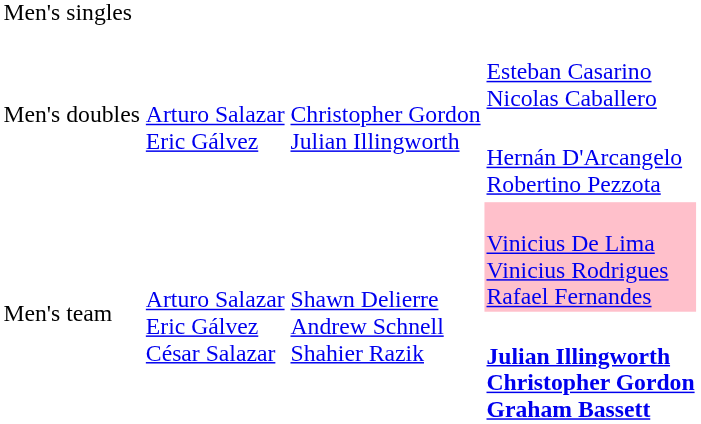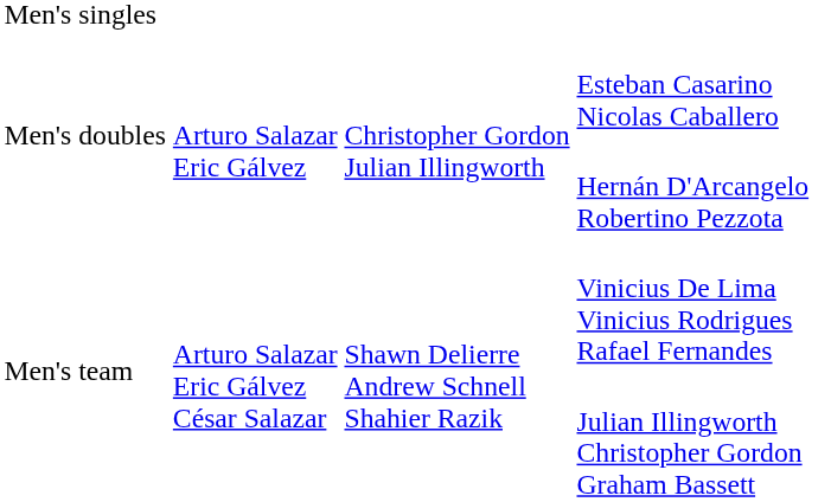 <table>
 <tr>
 <td rowspan=2>Men's singles<br></td>
 <td rowspan=2></td>
 <td rowspan=2></td>
 <td></td>
 </tr>
 <tr>
 <td></td>
 </tr>
 <tr>
 <td rowspan=2>Men's doubles<br></td>
 <td rowspan=2><br><a href='#'>Arturo Salazar</a><br><a href='#'>Eric Gálvez</a></td>
 <td rowspan=2><br><a href='#'>Christopher Gordon</a><br><a href='#'>Julian Illingworth</a></td>
 <td><br><a href='#'>Esteban Casarino</a><br><a href='#'>Nicolas Caballero</a></td>
 </tr>
 <tr>
 <td><br><a href='#'>Hernán D'Arcangelo</a><br><a href='#'>Robertino Pezzota</a></td>
 </tr>
 <tr>
 <td rowspan=2>Men's team<br></td>
 <td rowspan=2><br><a href='#'>Arturo Salazar</a><br><a href='#'>Eric Gálvez</a><br><a href='#'>César Salazar</a></td>
 <td rowspan=2><br><a href='#'>Shawn Delierre</a><br><a href='#'>Andrew Schnell</a><br><a href='#'>Shahier Razik</a></td>
-<td style="background: pink;"><br><a href='#'>Vinicius De Lima</a><br><a href='#'>Vinicius Rodrigues</a><br><a href='#'>Rafael Fernandes</a></td>
+<td><br><a href='#'>Vinicius De Lima</a><br><a href='#'>Vinicius Rodrigues</a><br><a href='#'>Rafael Fernandes</a></td>
 </tr>
 <tr>
-<td><strong><br><a href='#'>Julian Illingworth</a><br><a href='#'>Christopher Gordon</a><br><a href='#'>Graham Bassett</a></strong></td>
+<td><br><a href='#'>Julian Illingworth</a><br><a href='#'>Christopher Gordon</a><br><a href='#'>Graham Bassett</a></td>
 </tr>
 </table>
